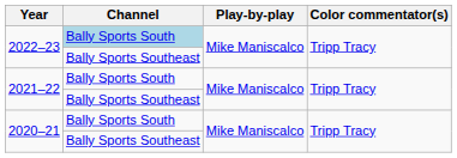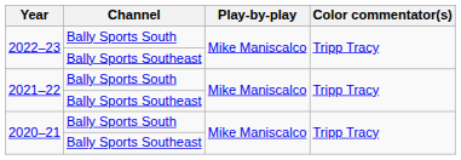 <table class="wikitable">
 <tr>
 <th>Year</th>
 <th>Channel</th>
 <th>Play-by-play</th>
 <th>Color commentator(s)</th>
 </tr>
 <tr>
 <td rowspan="2"><a href='#'>2022–23</a></td>
-<td style="background: lightblue;"><a href='#'>Bally Sports South</a></td>
+<td><a href='#'>Bally Sports South</a></td>
 <td rowspan="2"><a href='#'>Mike Maniscalco</a></td>
 <td rowspan="2"><a href='#'>Tripp Tracy</a></td>
 </tr>
 <tr>
 <td><a href='#'>Bally Sports Southeast</a></td>
 </tr>
 <tr>
 <td rowspan="2"><a href='#'>2021–22</a></td>
 <td><a href='#'>Bally Sports South</a></td>
 <td rowspan="2"><a href='#'>Mike Maniscalco</a></td>
 <td rowspan="2"><a href='#'>Tripp Tracy</a></td>
 </tr>
 <tr>
 <td><a href='#'>Bally Sports Southeast</a></td>
 </tr>
 <tr>
 <td rowspan="2"><a href='#'>2020–21</a></td>
 <td><a href='#'>Bally Sports South</a></td>
 <td rowspan="2"><a href='#'>Mike Maniscalco</a></td>
 <td rowspan="2"><a href='#'>Tripp Tracy</a></td>
 </tr>
 <tr>
 <td><a href='#'>Bally Sports Southeast</a></td>
 </tr>
 </table>
